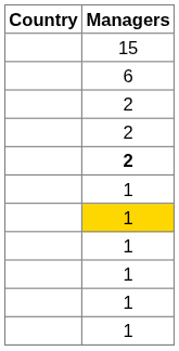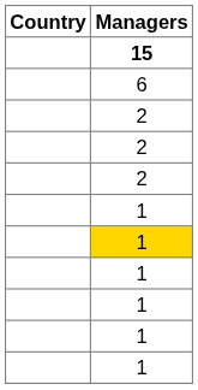 <table class="toccolours sortable" border="1" cellpadding="3" style="font-size:95%; border-collapse:collapse;">
 <tr>
 <th>Country</th>
 <th>Managers</th>
 </tr>
 <tr>
 <td></td>
-<td style="text-align:center">15</td>
+<td style="text-align:center"><strong>15</strong></td>
 </tr>
 <tr>
 <td></td>
 <td style="text-align:center">6</td>
 </tr>
 <tr>
 <td></td>
 <td style="text-align:center">2</td>
 </tr>
 <tr>
 <td></td>
 <td style="text-align:center">2</td>
 </tr>
 <tr>
 <td></td>
-<td style="text-align:center"><strong>2</strong></td>
+<td style="text-align:center">2</td>
 </tr>
 <tr>
 <td></td>
 <td style="text-align:center">1</td>
 </tr>
 <tr>
 <td></td>
 <td style="background: gold; text-align:center">1</td>
 </tr>
 <tr>
 <td></td>
 <td style="text-align:center">1</td>
 </tr>
 <tr>
 <td></td>
 <td style="text-align:center">1</td>
 </tr>
 <tr>
 <td></td>
 <td style="text-align:center">1</td>
 </tr>
 <tr>
 <td></td>
 <td style="text-align:center">1</td>
 </tr>
 <tr>
 </tr>
 </table>
